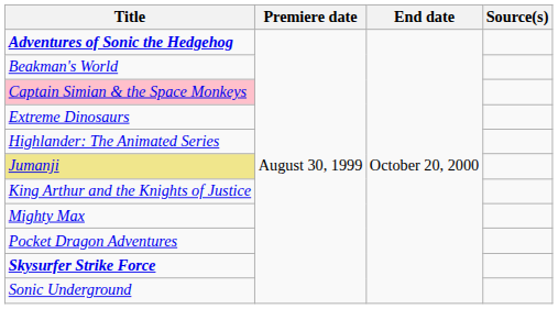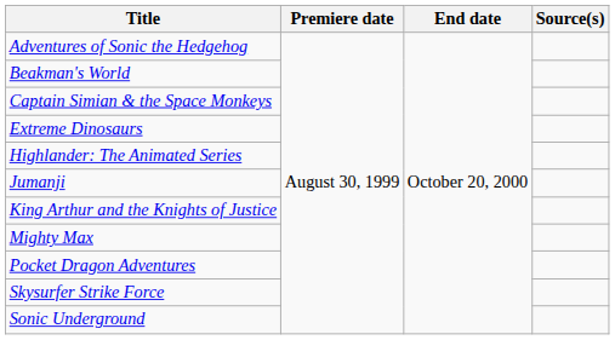 <table class="wikitable sortable">
 <tr>
 <th>Title</th>
 <th>Premiere date</th>
 <th>End date</th>
 <th>Source(s)</th>
 </tr>
 <tr>
-<td><strong><em><a href='#'>Adventures of Sonic the Hedgehog</a></em></strong></td>
+<td><em><a href='#'>Adventures of Sonic the Hedgehog</a></em></td>
 <td rowspan=11>August 30, 1999</td>
 <td rowspan=11>October 20, 2000</td>
 <td></td>
 </tr>
 <tr>
 <td><em><a href='#'>Beakman's World</a></em></td>
 <td></td>
 </tr>
 <tr>
-<td style="background: pink;"><em><a href='#'>Captain Simian & the Space Monkeys</a></em></td>
+<td><em><a href='#'>Captain Simian & the Space Monkeys</a></em></td>
 <td></td>
 </tr>
 <tr>
 <td><em><a href='#'>Extreme Dinosaurs</a></em></td>
 <td></td>
 </tr>
 <tr>
 <td><em><a href='#'>Highlander: The Animated Series</a></em></td>
 <td></td>
 </tr>
 <tr>
-<td style="background: khaki;"><em><a href='#'>Jumanji</a></em></td>
+<td><em><a href='#'>Jumanji</a></em></td>
 <td></td>
 </tr>
 <tr>
 <td><em><a href='#'>King Arthur and the Knights of Justice</a></em></td>
 <td></td>
 </tr>
 <tr>
 <td><em><a href='#'>Mighty Max</a></em></td>
 <td></td>
 </tr>
 <tr>
 <td><em><a href='#'>Pocket Dragon Adventures</a></em></td>
 <td></td>
 </tr>
 <tr>
-<td><strong><em><a href='#'>Skysurfer Strike Force</a></em></strong></td>
+<td><em><a href='#'>Skysurfer Strike Force</a></em></td>
 <td></td>
 </tr>
 <tr>
 <td><em><a href='#'>Sonic Underground</a></em></td>
 <td></td>
 </tr>
 </table>
